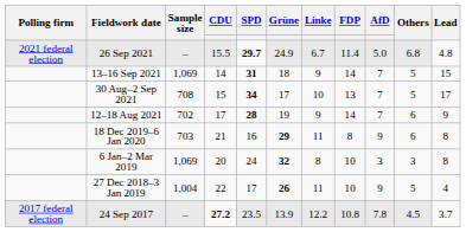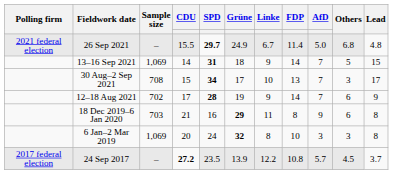 <table class="wikitable sortable mw-datatable" style="text-align:center;font-size:90%;line-height:14px;">
 <tr style="height:40px;">
 <th style="width:160px;" rowspan="2">Polling firm</th>
 <th style="width:135px;" rowspan="2">Fieldwork date</th>
 <th style="width:35px;" rowspan="2">Sample<br>size</th>
 <th class="unsortable" style="width:40px;"><a href='#'>CDU</a></th>
 <th class="unsortable" style="width:40px;"><a href='#'>SPD</a></th>
 <th class="unsortable" style="width:40px;"><a href='#'>Grüne</a></th>
 <th class="unsortable" style="width:40px;"><a href='#'>Linke</a></th>
 <th class="unsortable" style="width:40px;"><a href='#'>FDP</a></th>
 <th class="unsortable" style="width:40px;"><a href='#'>AfD</a></th>
 <th class="unsortable" style="width:30px;" rowspan="2">Others</th>
 <th style="width:30px;" rowspan="2">Lead</th>
 </tr>
 <tr>
 <th style="background:"></th>
 <th style="background:"></th>
 <th style="background:"></th>
 <th style="background:"></th>
 <th style="background:"></th>
 <th style="background:"></th>
 </tr>
 <tr>
 <td style="background:#E9E9E9;"><a href='#'>2021 federal election</a></td>
 <td style="background:#E9E9E9;" data-sort-value="2021-09-26">26 Sep 2021</td>
 <td style="background:#E9E9E9;">–</td>
 <td style="background:#E9E9E9;">15.5</td>
 <td><strong>29.7</strong></td>
 <td style="background:#E9E9E9;">24.9</td>
 <td style="background:#E9E9E9;">6.7</td>
 <td style="background:#E9E9E9;">11.4</td>
 <td style="background:#E9E9E9;">5.0</td>
 <td style="background:#E9E9E9;">6.8</td>
 <td style="background:">4.8</td>
 </tr>
 <tr>
 <td></td>
 <td data-sort-value="2021-09-21">13–16 Sep 2021</td>
 <td>1,069</td>
 <td>14</td>
 <td><strong>31</strong></td>
 <td>18</td>
 <td>9</td>
 <td>14</td>
 <td>7</td>
 <td>5</td>
 <td style="background:">15</td>
 </tr>
 <tr>
 <td></td>
 <td data-sort-value="2021-09-07">30 Aug–2 Sep 2021</td>
 <td>708</td>
 <td>15</td>
 <td><strong>34</strong></td>
 <td>17</td>
 <td>10</td>
 <td>13</td>
 <td>7</td>
-<td>5</td>
+<td>3</td>
 <td style="background:">17</td>
 </tr>
 <tr>
 <td></td>
 <td data-sort-value="2021-08-25">12–18 Aug 2021</td>
 <td>702</td>
 <td>17</td>
 <td><strong>28</strong></td>
 <td>19</td>
 <td>9</td>
 <td>14</td>
 <td>7</td>
 <td>6</td>
 <td style="background:">9</td>
 </tr>
 <tr>
 <td></td>
 <td data-sort-value="2020-01-06">18 Dec 2019–6 Jan 2020</td>
 <td>703</td>
 <td>21</td>
 <td>16</td>
 <td><strong>29</strong></td>
 <td>11</td>
 <td>8</td>
 <td>9</td>
 <td>6</td>
 <td style="background:">8</td>
 </tr>
 <tr>
 <td></td>
 <td data-sort-value="2019-03-02">6 Jan–2 Mar 2019</td>
 <td>1,069</td>
 <td>20</td>
 <td>24</td>
 <td><strong>32</strong></td>
 <td>8</td>
 <td>10</td>
 <td>3</td>
 <td>3</td>
 <td style="background:">8</td>
 </tr>
 <tr>
-<td></td>
-<td data-sort-value="2019-01-03">27 Dec 2018–3 Jan 2019</td>
-<td>1,004</td>
-<td>22</td>
-<td>17</td>
-<td><strong>26</strong></td>
-<td>11</td>
-<td>10</td>
-<td>9</td>
-<td>5</td>
-<td style="background:">4</td>
-</tr>
-<tr>
 <td style="background:#E9E9E9;"><a href='#'>2017 federal election</a></td>
 <td style="background:#E9E9E9;" data-sort-value="2017-09-24">24 Sep 2017</td>
 <td style="background:#E9E9E9;">–</td>
 <td><strong>27.2</strong></td>
 <td style="background:#E9E9E9;">23.5</td>
 <td style="background:#E9E9E9;">13.9</td>
 <td style="background:#E9E9E9;">12.2</td>
 <td style="background:#E9E9E9;">10.8</td>
-<td style="background:#E9E9E9;">7.8</td>
+<td style="background:#E9E9E9;">5.7</td>
 <td style="background:#E9E9E9;">4.5</td>
 <td style="background:">3.7</td>
 </tr>
 </table>
